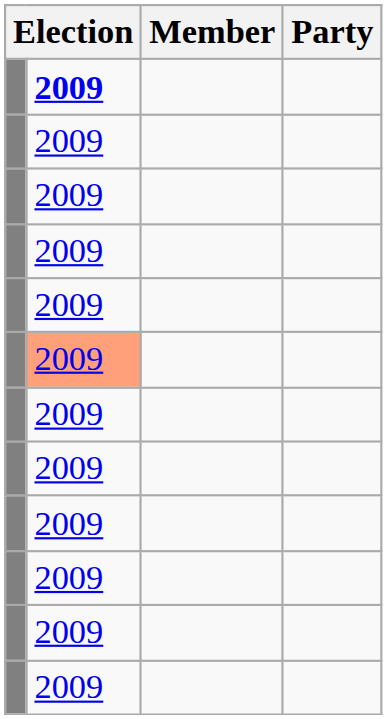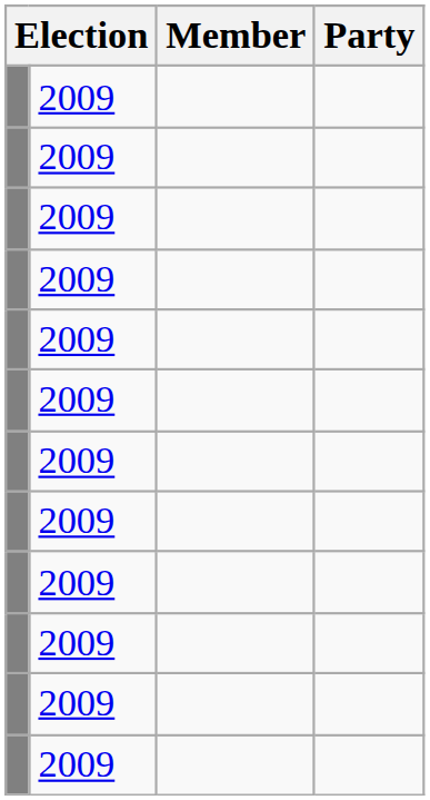 <table class="wikitable">
 <tr>
 <th colspan="2">Election</th>
 <th>Member</th>
 <th>Party</th>
 </tr>
 <tr>
 <td style="background-color: grey"></td>
-<td><strong><a href='#'>2009</a></strong></td>
+<td><a href='#'>2009</a></td>
 <td></td>
 <td></td>
 </tr>
 <tr>
 <td style="background-color: grey"></td>
 <td><a href='#'>2009</a></td>
 <td></td>
 <td></td>
 </tr>
 <tr>
 <td style="background-color: grey"></td>
 <td><a href='#'>2009</a></td>
 <td></td>
 <td></td>
 </tr>
 <tr>
 <td style="background-color: grey"></td>
 <td><a href='#'>2009</a></td>
 <td></td>
 <td></td>
 </tr>
 <tr>
 <td style="background-color: grey"></td>
 <td><a href='#'>2009</a></td>
 <td></td>
 <td></td>
 </tr>
 <tr>
 <td style="background-color: grey"></td>
-<td style="background: lightsalmon;"><a href='#'>2009</a></td>
+<td><a href='#'>2009</a></td>
 <td></td>
 <td></td>
 </tr>
 <tr>
 <td style="background-color: grey"></td>
 <td><a href='#'>2009</a></td>
 <td></td>
 <td></td>
 </tr>
 <tr>
 <td style="background-color: grey"></td>
 <td><a href='#'>2009</a></td>
 <td></td>
 <td></td>
 </tr>
 <tr>
 <td style="background-color: grey"></td>
 <td><a href='#'>2009</a></td>
 <td></td>
 <td></td>
 </tr>
 <tr>
 <td style="background-color: grey"></td>
 <td><a href='#'>2009</a></td>
 <td></td>
 <td></td>
 </tr>
 <tr>
 <td style="background-color: grey"></td>
 <td><a href='#'>2009</a></td>
 <td></td>
 <td></td>
 </tr>
 <tr>
 <td style="background-color: grey"></td>
 <td><a href='#'>2009</a></td>
 <td></td>
 <td></td>
 </tr>
 </table>
